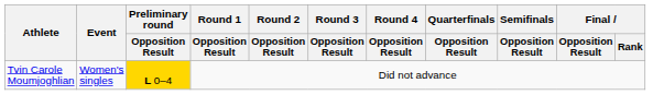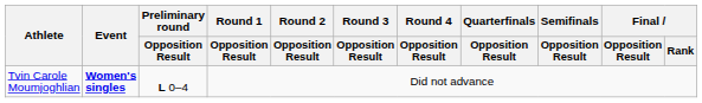 <table class="wikitable" style="font-size:90%;">
 <tr>
 <th rowspan=2>Athlete</th>
 <th rowspan=2>Event</th>
 <th>Preliminary round</th>
 <th>Round 1</th>
 <th>Round 2</th>
 <th>Round 3</th>
 <th>Round 4</th>
 <th>Quarterfinals</th>
 <th>Semifinals</th>
 <th colspan=2>Final / </th>
 </tr>
 <tr style="font-size:95%">
 <th>Opposition<br>Result</th>
 <th>Opposition<br>Result</th>
 <th>Opposition<br>Result</th>
 <th>Opposition<br>Result</th>
 <th>Opposition<br>Result</th>
 <th>Opposition<br>Result</th>
 <th>Opposition<br>Result</th>
 <th>Opposition<br>Result</th>
 <th>Rank</th>
 </tr>
 <tr align=center>
 <td align=left><a href='#'>Tvin Carole Moumjoghlian</a></td>
-<td align=left><a href='#'>Women's singles</a></td>
-<td style="background: gold;"><br> <strong>L</strong> 0–4</td>
+<td align=left><strong><a href='#'>Women's singles</a></strong></td>
+<td><br> <strong>L</strong> 0–4</td>
 <td colspan=8>Did not advance</td>
 </tr>
 </table>
